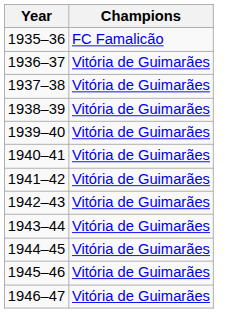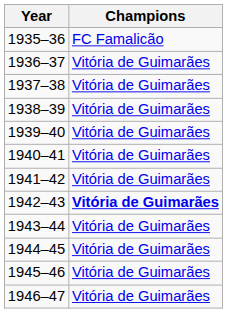 <table class="wikitable">
 <tr>
 <th>Year</th>
 <th>Champions</th>
 </tr>
 <tr>
 <td>1935–36</td>
 <td><a href='#'>FC Famalicão</a></td>
 </tr>
 <tr>
 <td>1936–37</td>
 <td><a href='#'>Vitória de Guimarães</a></td>
 </tr>
 <tr>
 <td>1937–38</td>
 <td><a href='#'>Vitória de Guimarães</a></td>
 </tr>
 <tr>
 <td>1938–39</td>
 <td><a href='#'>Vitória de Guimarães</a></td>
 </tr>
 <tr>
 <td>1939–40</td>
 <td><a href='#'>Vitória de Guimarães</a></td>
 </tr>
 <tr>
 <td>1940–41</td>
 <td><a href='#'>Vitória de Guimarães</a></td>
 </tr>
 <tr>
 <td>1941–42</td>
 <td><a href='#'>Vitória de Guimarães</a></td>
 </tr>
 <tr>
 <td>1942–43</td>
-<td><a href='#'>Vitória de Guimarães</a></td>
+<td><strong><a href='#'>Vitória de Guimarães</a></strong></td>
 </tr>
 <tr>
 <td>1943–44</td>
 <td><a href='#'>Vitória de Guimarães</a></td>
 </tr>
 <tr>
 <td>1944–45</td>
 <td><a href='#'>Vitória de Guimarães</a></td>
 </tr>
 <tr>
 <td>1945–46</td>
 <td><a href='#'>Vitória de Guimarães</a></td>
 </tr>
 <tr>
 <td>1946–47</td>
 <td><a href='#'>Vitória de Guimarães</a></td>
 </tr>
 </table>
